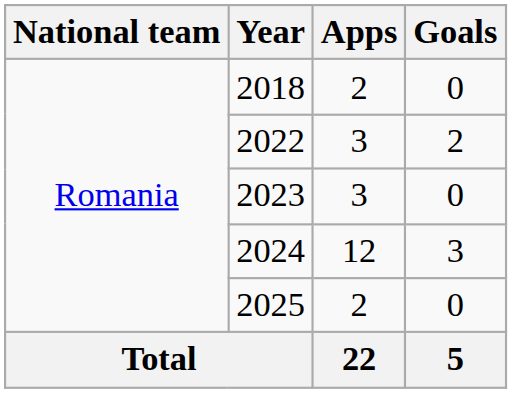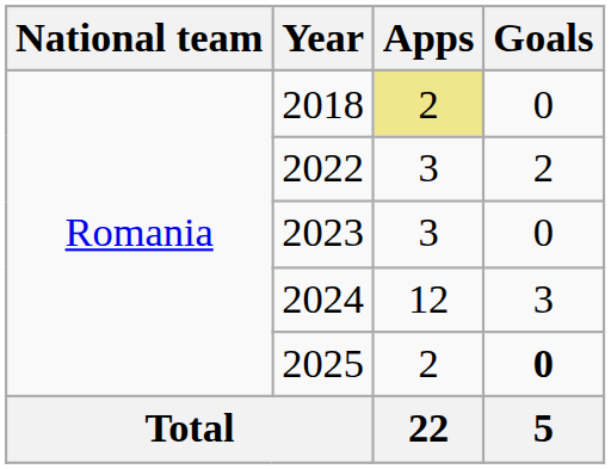 <table class="wikitable" style="text-align:center">
 <tr>
 <th>National team</th>
 <th>Year</th>
 <th>Apps</th>
 <th>Goals</th>
 </tr>
 <tr>
 <td rowspan="5"><a href='#'>Romania</a></td>
 <td>2018</td>
-<td>2</td>
+<td style="background: khaki;">2</td>
 <td>0</td>
 </tr>
 <tr>
 <td>2022</td>
 <td>3</td>
 <td>2</td>
 </tr>
 <tr>
 <td>2023</td>
 <td>3</td>
 <td>0</td>
 </tr>
 <tr>
 <td>2024</td>
 <td>12</td>
 <td>3</td>
 </tr>
 <tr>
 <td>2025</td>
 <td>2</td>
-<td>0</td>
+<td><strong>0</strong></td>
 </tr>
 <tr>
 <th colspan=2>Total</th>
 <th>22</th>
 <th>5</th>
 </tr>
 </table>
